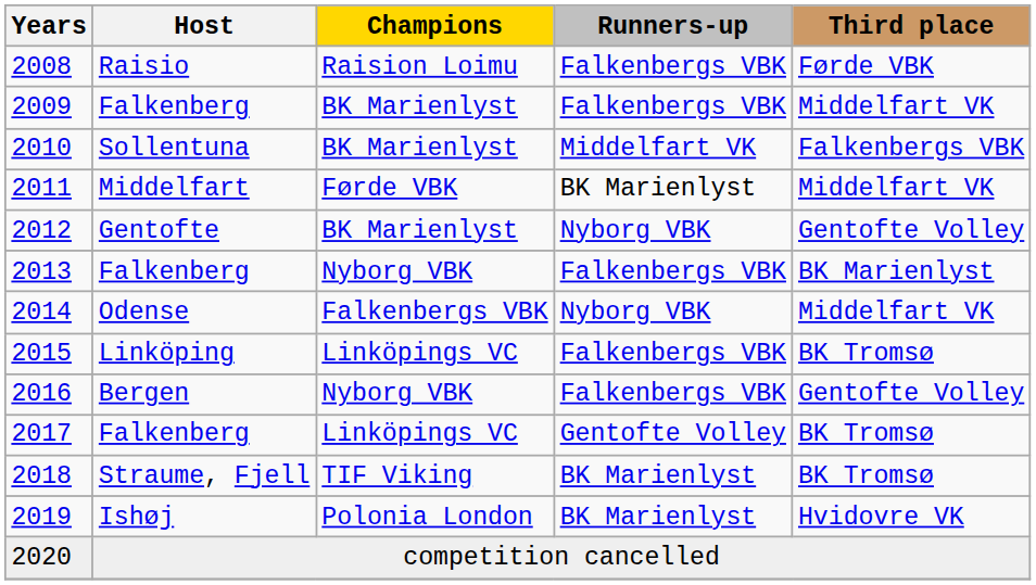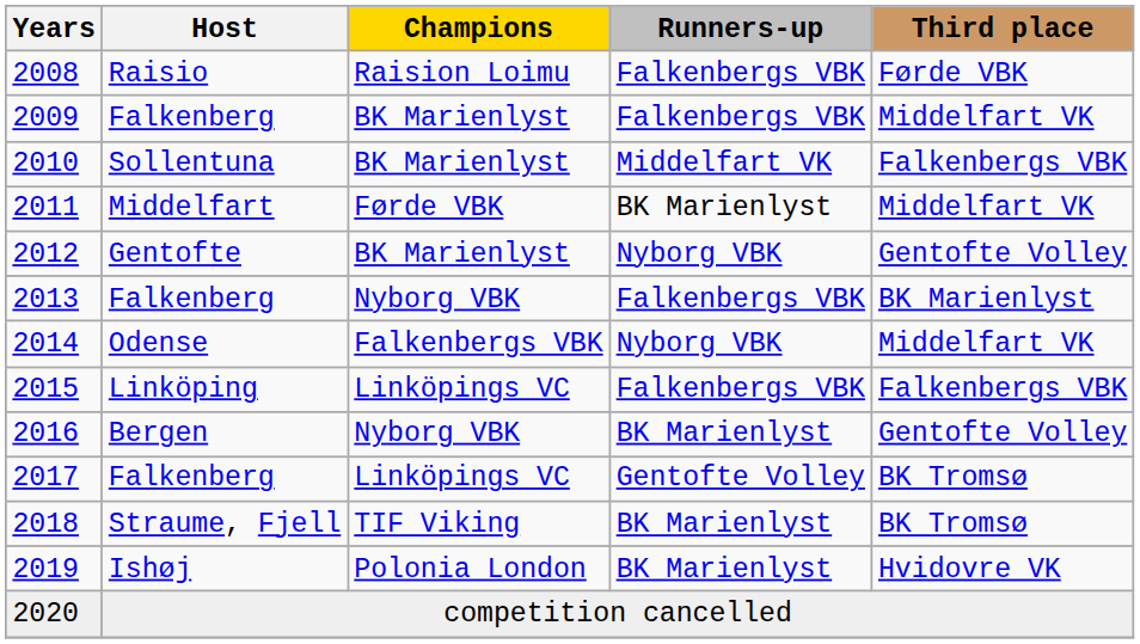 <table class=wikitable>
 <tr>
 <th>Years</th>
 <th>Host</th>
 <th style="background:gold">Champions</th>
 <th style="background:silver">Runners-up</th>
 <th style="background:#cc9966">Third place</th>
 </tr>
 <tr>
 <td><a href='#'>2008</a></td>
 <td> <a href='#'>Raisio</a></td>
 <td>  <a href='#'>Raision Loimu</a></td>
 <td>  <a href='#'>Falkenbergs VBK</a></td>
 <td>  <a href='#'>Førde VBK</a></td>
 </tr>
 <tr>
 <td><a href='#'>2009</a></td>
 <td> <a href='#'>Falkenberg</a></td>
 <td>  <a href='#'>BK Marienlyst</a></td>
 <td>  <a href='#'>Falkenbergs VBK</a></td>
 <td>  <a href='#'>Middelfart VK</a></td>
 </tr>
 <tr>
 <td><a href='#'>2010</a></td>
 <td> <a href='#'>Sollentuna</a></td>
 <td>  <a href='#'>BK Marienlyst</a></td>
 <td>  <a href='#'>Middelfart VK</a></td>
 <td>  <a href='#'>Falkenbergs VBK</a></td>
 </tr>
 <tr>
 <td><a href='#'>2011</a></td>
 <td> <a href='#'>Middelfart</a></td>
 <td>  <a href='#'>Førde VBK</a></td>
 <td>  BK Marienlyst</td>
 <td>  <a href='#'>Middelfart VK</a></td>
 </tr>
 <tr>
 <td><a href='#'>2012</a></td>
 <td> <a href='#'>Gentofte</a></td>
 <td>  <a href='#'>BK Marienlyst</a></td>
 <td>  <a href='#'>Nyborg VBK</a></td>
 <td>  <a href='#'>Gentofte Volley</a></td>
 </tr>
 <tr>
 <td><a href='#'>2013</a></td>
 <td> <a href='#'>Falkenberg</a></td>
 <td>  <a href='#'>Nyborg VBK</a></td>
 <td>  <a href='#'>Falkenbergs VBK</a></td>
 <td>  <a href='#'>BK Marienlyst</a></td>
 </tr>
 <tr>
 <td><a href='#'>2014</a></td>
 <td> <a href='#'>Odense</a></td>
 <td>  <a href='#'>Falkenbergs VBK</a></td>
 <td>  <a href='#'>Nyborg VBK</a></td>
 <td>  <a href='#'>Middelfart VK</a></td>
 </tr>
 <tr>
 <td><a href='#'>2015</a></td>
 <td> <a href='#'>Linköping</a></td>
 <td>  <a href='#'>Linköpings VC</a></td>
 <td>  <a href='#'>Falkenbergs VBK</a></td>
-<td>  <a href='#'>BK Tromsø</a></td>
+<td>  <a href='#'>Falkenbergs VBK</a></td>
 </tr>
 <tr>
 <td><a href='#'>2016</a></td>
 <td> <a href='#'>Bergen</a></td>
 <td>  <a href='#'>Nyborg VBK</a></td>
-<td>  <a href='#'>Falkenbergs VBK</a></td>
+<td>  <a href='#'>BK Marienlyst</a></td>
 <td>  <a href='#'>Gentofte Volley</a></td>
 </tr>
 <tr>
 <td><a href='#'>2017</a></td>
 <td> <a href='#'>Falkenberg</a></td>
 <td>  <a href='#'>Linköpings VC</a></td>
 <td>  <a href='#'>Gentofte Volley</a></td>
 <td>  <a href='#'>BK Tromsø</a></td>
 </tr>
 <tr>
 <td><a href='#'>2018</a></td>
 <td> <a href='#'>Straume</a>, <a href='#'>Fjell</a></td>
 <td>  <a href='#'>TIF Viking</a></td>
 <td>  <a href='#'>BK Marienlyst</a></td>
 <td>  <a href='#'>BK Tromsø</a></td>
 </tr>
 <tr>
 <td><a href='#'>2019</a></td>
 <td> <a href='#'>Ishøj</a></td>
 <td>  <a href='#'>Polonia London</a></td>
 <td>  <a href='#'>BK Marienlyst</a></td>
 <td>  <a href='#'>Hvidovre VK</a></td>
 </tr>
 <tr bgcolor="efefef">
 <td>2020</td>
 <td colspan=4 align=center>competition cancelled</td>
 </tr>
 <tr>
 </tr>
 </table>
